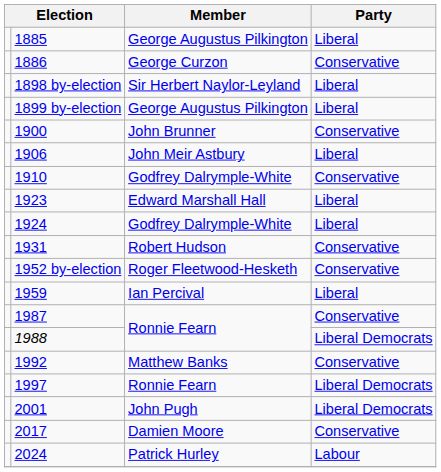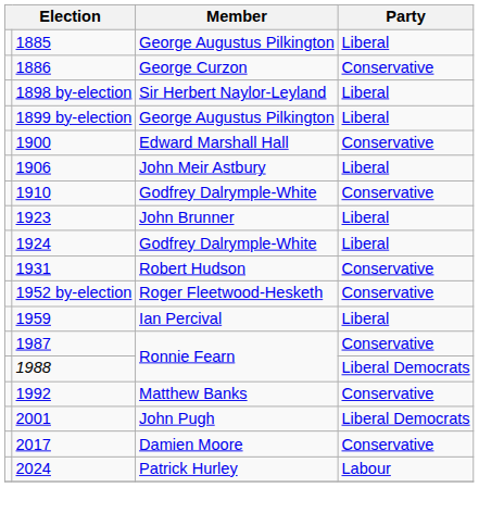 <table class="wikitable">
 <tr>
 <th colspan=2>Election</th>
 <th>Member</th>
 <th>Party</th>
 </tr>
 <tr>
 <td style="color:inherit;background-color: "></td>
 <td><a href='#'>1885</a></td>
 <td><a href='#'>George Augustus Pilkington</a></td>
 <td><a href='#'>Liberal</a></td>
 </tr>
 <tr>
 <td style="color:inherit;background-color: "></td>
 <td><a href='#'>1886</a></td>
 <td><a href='#'>George Curzon</a></td>
 <td><a href='#'>Conservative</a></td>
 </tr>
 <tr>
 <td style="color:inherit;background-color: "></td>
 <td><a href='#'>1898 by-election</a></td>
 <td><a href='#'>Sir Herbert Naylor-Leyland</a></td>
 <td><a href='#'>Liberal</a></td>
 </tr>
 <tr>
 <td style="color:inherit;background-color: "></td>
 <td><a href='#'>1899 by-election</a></td>
 <td><a href='#'>George Augustus Pilkington</a></td>
 <td><a href='#'>Liberal</a></td>
 </tr>
 <tr>
 <td style="color:inherit;background-color: "></td>
 <td><a href='#'>1900</a></td>
-<td><a href='#'>John Brunner</a></td>
+<td><a href='#'>Edward Marshall Hall</a></td>
 <td><a href='#'>Conservative</a></td>
 </tr>
 <tr>
 <td style="color:inherit;background-color: "></td>
 <td><a href='#'>1906</a></td>
 <td><a href='#'>John Meir Astbury</a></td>
 <td><a href='#'>Liberal</a></td>
 </tr>
 <tr>
 <td style="color:inherit;background-color: "></td>
 <td><a href='#'>1910</a></td>
 <td><a href='#'>Godfrey Dalrymple-White</a></td>
 <td><a href='#'>Conservative</a></td>
 </tr>
 <tr>
 <td style="color:inherit;background-color: "></td>
 <td><a href='#'>1923</a></td>
-<td><a href='#'>Edward Marshall Hall</a></td>
+<td><a href='#'>John Brunner</a></td>
 <td><a href='#'>Liberal</a></td>
 </tr>
 <tr>
 <td style="color:inherit;background-color: "></td>
 <td><a href='#'>1924</a></td>
 <td><a href='#'>Godfrey Dalrymple-White</a></td>
 <td><a href='#'>Liberal</a></td>
 </tr>
 <tr>
 <td style="color:inherit;background-color: "></td>
 <td><a href='#'>1931</a></td>
 <td><a href='#'>Robert Hudson</a></td>
 <td><a href='#'>Conservative</a></td>
 </tr>
 <tr>
 <td style="color:inherit;background-color: "></td>
 <td><a href='#'>1952 by-election</a></td>
 <td><a href='#'>Roger Fleetwood-Hesketh</a></td>
 <td><a href='#'>Conservative</a></td>
 </tr>
 <tr>
 <td style="color:inherit;background-color: "></td>
 <td><a href='#'>1959</a></td>
 <td><a href='#'>Ian Percival</a></td>
 <td><a href='#'>Liberal</a></td>
 </tr>
 <tr>
 <td style="color:inherit;background-color: "></td>
 <td><a href='#'>1987</a></td>
 <td rowspan="2"><a href='#'>Ronnie Fearn</a></td>
 <td><a href='#'>Conservative</a></td>
 </tr>
 <tr>
 <td style="color:inherit;background-color: "></td>
 <td><em>1988</em></td>
 <td><a href='#'>Liberal Democrats</a></td>
 </tr>
 <tr>
 <td style="color:inherit;background-color: "></td>
 <td><a href='#'>1992</a></td>
 <td><a href='#'>Matthew Banks</a></td>
 <td><a href='#'>Conservative</a></td>
 </tr>
 <tr>
 <td style="color:inherit;background-color: "></td>
-<td><a href='#'>1997</a></td>
-<td><a href='#'>Ronnie Fearn</a></td>
-<td><a href='#'>Liberal Democrats</a></td>
-</tr>
-<tr>
-<td style="color:inherit;background-color: "></td>
 <td><a href='#'>2001</a></td>
 <td><a href='#'>John Pugh</a></td>
 <td><a href='#'>Liberal Democrats</a></td>
 </tr>
 <tr>
 <td style="color:inherit;background-color: "></td>
 <td><a href='#'>2017</a></td>
 <td><a href='#'>Damien Moore</a></td>
 <td><a href='#'>Conservative</a></td>
 </tr>
 <tr>
 <td style="color:inherit;background-color: "></td>
 <td><a href='#'>2024</a></td>
 <td><a href='#'>Patrick Hurley</a></td>
 <td><a href='#'>Labour</a></td>
 </tr>
 <tr>
 </tr>
 </table>
